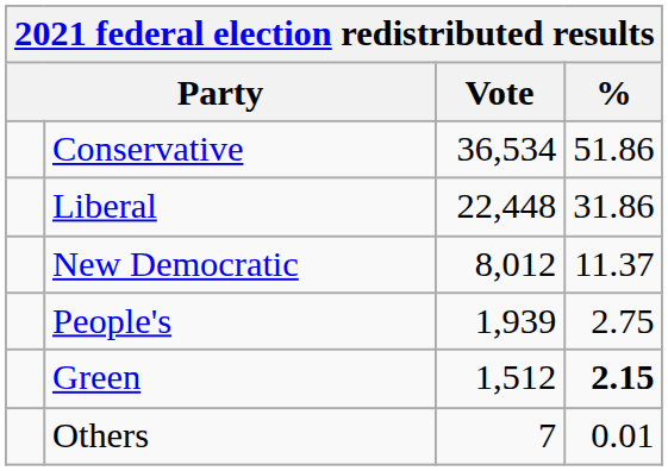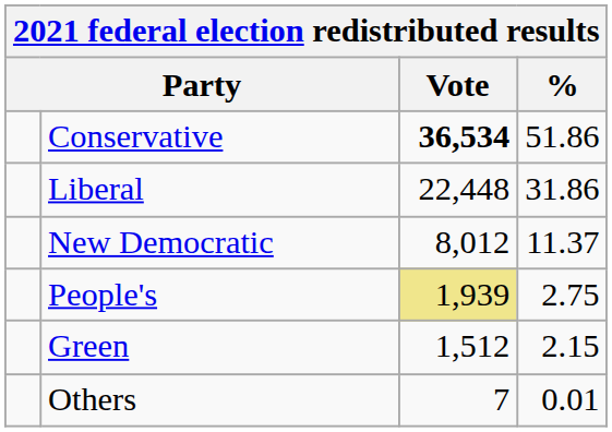 <table class="wikitable">
 <tr>
 <th colspan="4"><a href='#'>2021 federal election</a> redistributed results</th>
 </tr>
 <tr>
 <th bgcolor="#DDDDFF" width="130px" colspan="2">Party</th>
 <th bgcolor="#DDDDFF" width="50px">Vote</th>
 <th bgcolor="#DDDDFF" width="30px">%</th>
 </tr>
 <tr>
 <td> </td>
 <td><a href='#'>Conservative</a></td>
-<td align=right>36,534</td>
+<td align=right><strong>36,534</strong></td>
 <td align=right>51.86</td>
 </tr>
 <tr>
 <td> </td>
 <td><a href='#'>Liberal</a></td>
 <td align=right>22,448</td>
 <td align=right>31.86</td>
 </tr>
 <tr>
 <td> </td>
 <td><a href='#'>New Democratic</a></td>
 <td align=right>8,012</td>
 <td align=right>11.37</td>
 </tr>
 <tr>
 <td> </td>
 <td><a href='#'>People's</a></td>
-<td align=right>1,939</td>
+<td align=right style="background: khaki;">1,939</td>
 <td align=right>2.75</td>
 </tr>
 <tr>
 <td> </td>
 <td><a href='#'>Green</a></td>
 <td align=right>1,512</td>
-<td align=right><strong>2.15</strong></td>
+<td align=right>2.15</td>
 </tr>
 <tr>
 <td> </td>
 <td>Others</td>
 <td align=right>7</td>
 <td align=right>0.01</td>
 </tr>
 </table>
